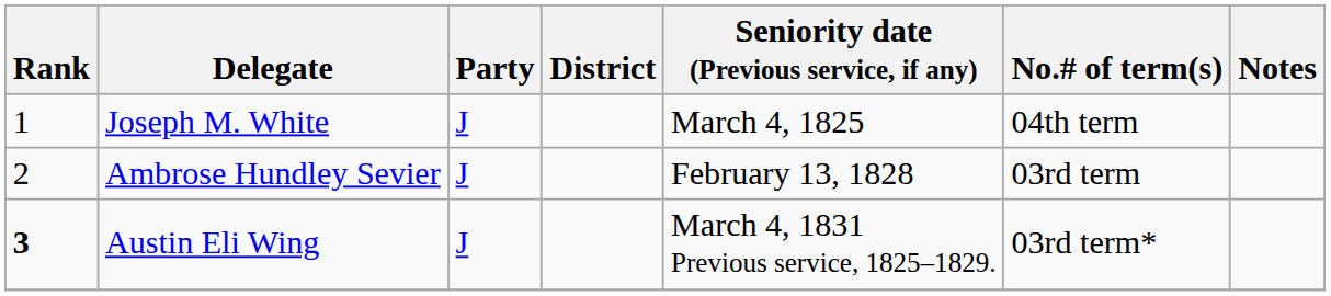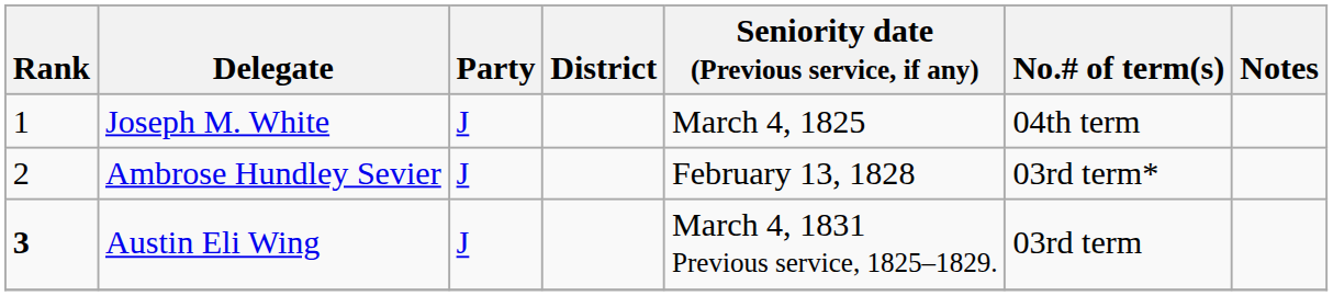 <table class="wikitable sortable">
 <tr valign=bottom>
 <th>Rank</th>
 <th>Delegate</th>
 <th>Party</th>
 <th>District</th>
 <th>Seniority date<br><small>(Previous service, if any)</small><br></th>
 <th>No.# of term(s)</th>
 <th>Notes</th>
 </tr>
 <tr>
 <td>1</td>
 <td><a href='#'>Joseph M. White</a></td>
 <td><a href='#'>J</a></td>
 <td></td>
 <td>March 4, 1825</td>
 <td>04th term</td>
 <td></td>
 </tr>
 <tr>
 <td>2</td>
 <td><a href='#'>Ambrose Hundley Sevier</a></td>
 <td><a href='#'>J</a></td>
 <td></td>
 <td>February 13, 1828</td>
-<td>03rd term</td>
+<td>03rd term*</td>
 <td></td>
 </tr>
 <tr>
 <td><strong>3</strong></td>
 <td><a href='#'>Austin Eli Wing</a></td>
 <td><a href='#'>J</a></td>
 <td></td>
 <td>March 4, 1831<br><small>Previous service, 1825–1829. </small></td>
-<td>03rd term*</td>
+<td>03rd term</td>
 <td></td>
 </tr>
 <tr>
 </tr>
 </table>
